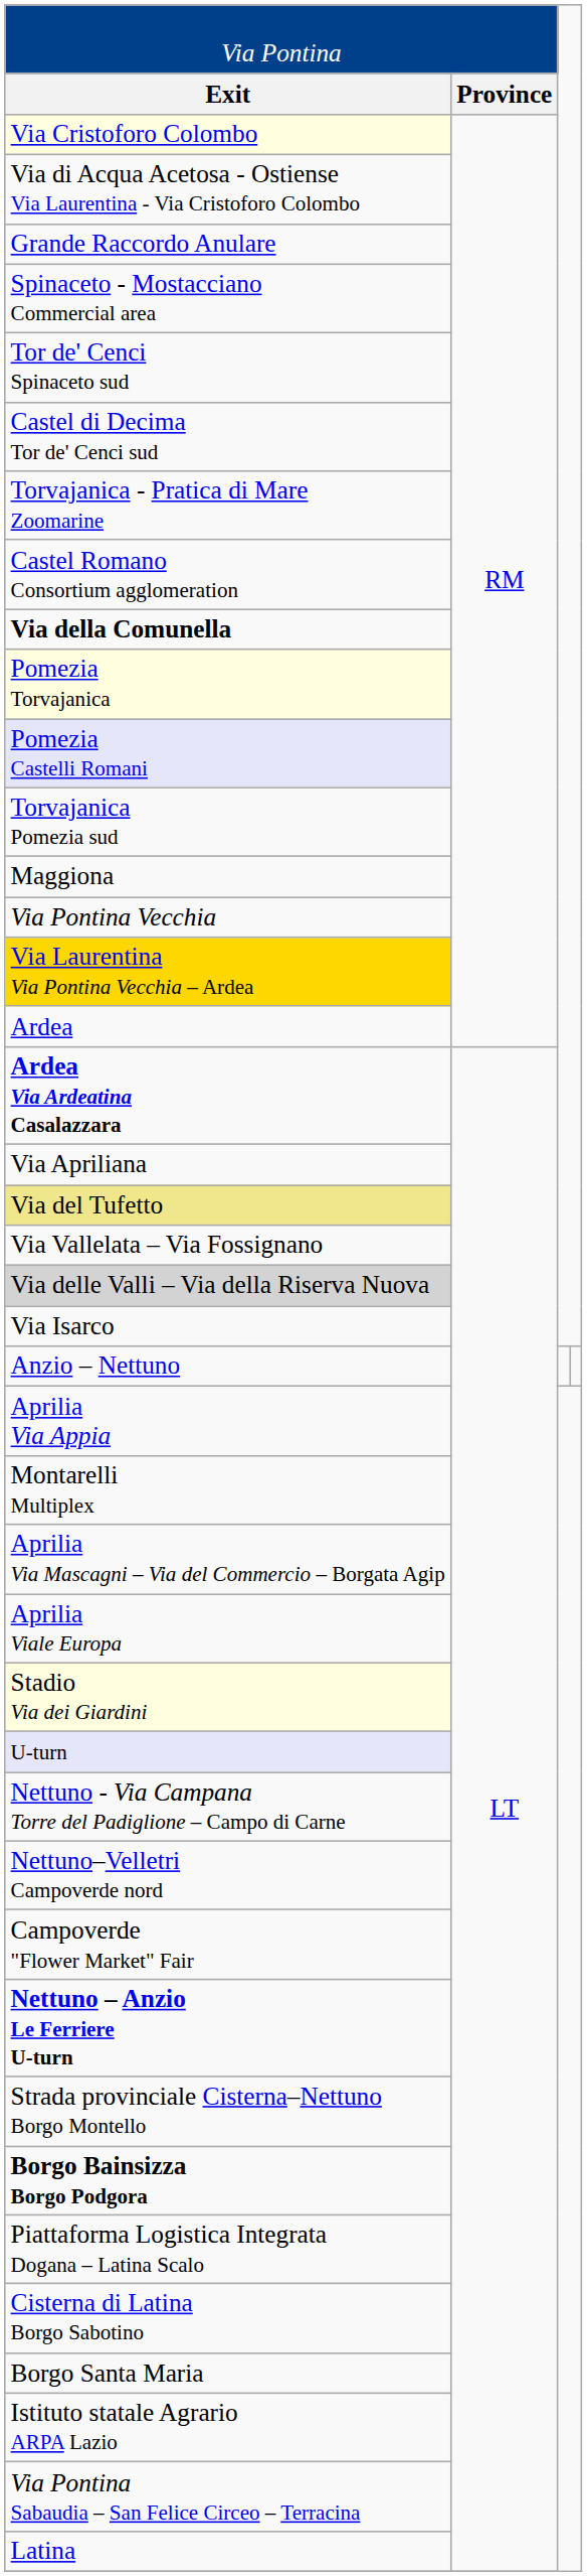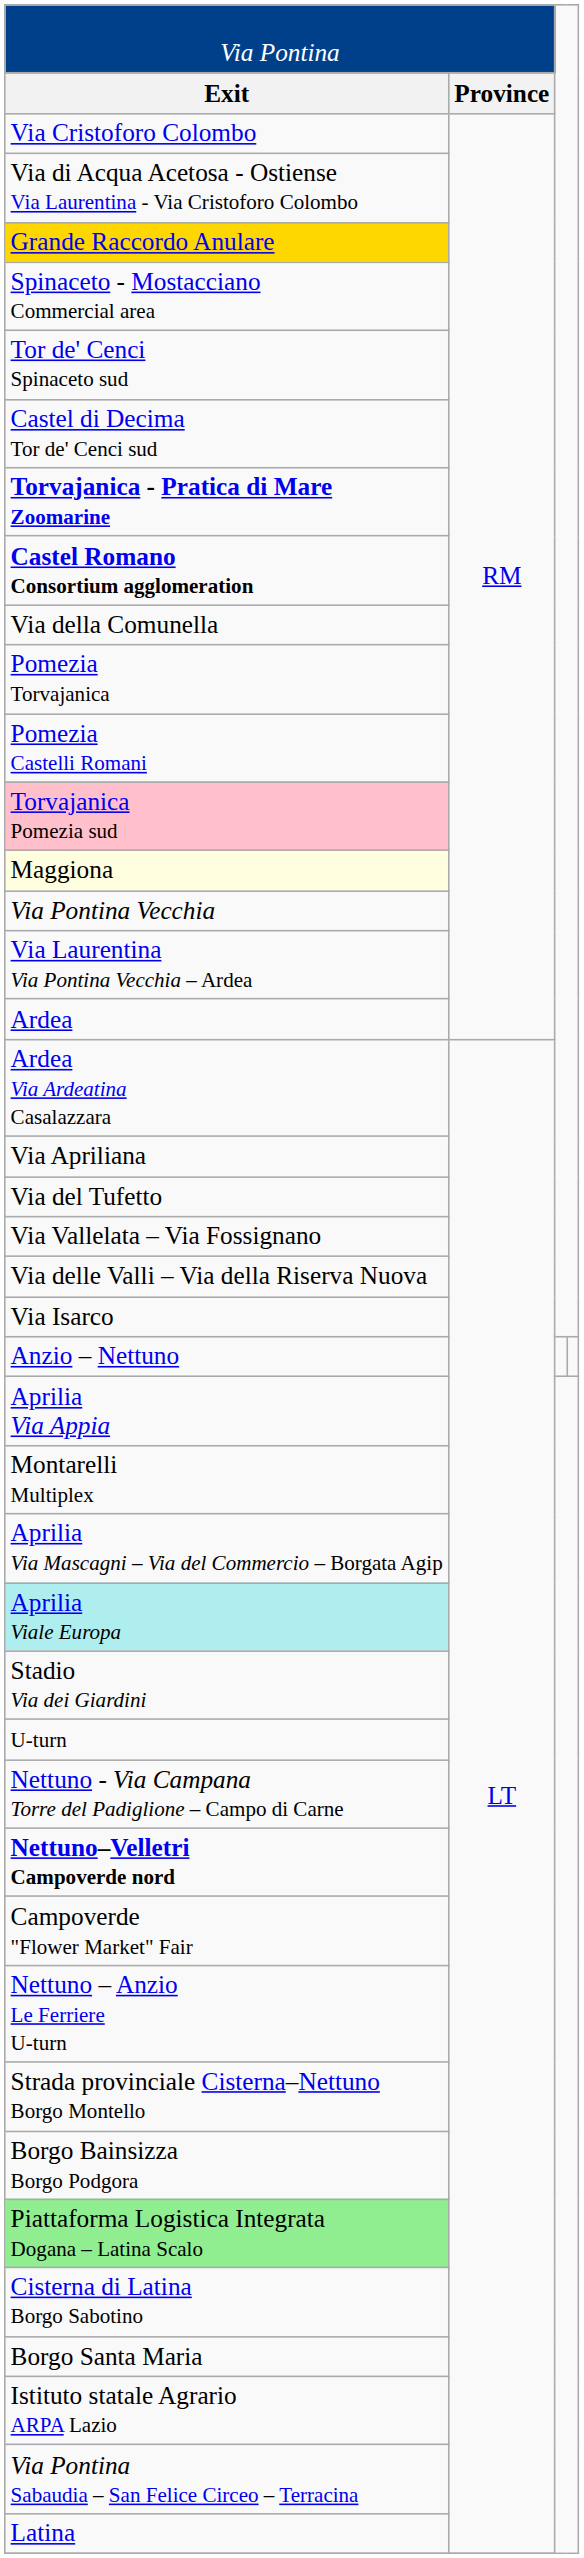 <table class="wikitable">
 <tr align="center" bgcolor="00408B" style="color: white;font-size:100%;">
 <td colspan="2"><br><em>Via Pontina</em><br></td>
 </tr>
 <tr>
 <th>Exit</th>
 <th>Province</th>
 </tr>
 <tr>
-<td style="background: lightyellow;"> <a href='#'>Via Cristoforo Colombo</a></td>
+<td> <a href='#'>Via Cristoforo Colombo</a></td>
 <td rowspan=16 align="center"><a href='#'>RM</a></td>
 </tr>
 <tr>
 <td> Via di Acqua Acetosa - Ostiense<br><small><a href='#'>Via Laurentina</a> - Via Cristoforo Colombo</small></td>
 </tr>
 <tr>
-<td>  <a href='#'>Grande Raccordo Anulare</a></td>
+<td style="background: gold;">  <a href='#'>Grande Raccordo Anulare</a></td>
 </tr>
 <tr>
 <td> <a href='#'>Spinaceto</a> - <a href='#'>Mostacciano</a><br>  <small>Commercial area</small></td>
 </tr>
 <tr>
 <td> <a href='#'>Tor de' Cenci</a><br><small>Spinaceto sud</small></td>
 </tr>
 <tr>
 <td> <a href='#'>Castel di Decima</a><br><small>Tor de' Cenci sud</small></td>
 </tr>
 <tr>
-<td> <a href='#'>Torvajanica</a> - <a href='#'>Pratica di Mare</a><br> <small><a href='#'>Zoomarine</a></small></td>
+<td><strong> <a href='#'>Torvajanica</a> - <a href='#'>Pratica di Mare</a><br> <small><a href='#'>Zoomarine</a></small></strong></td>
 </tr>
 <tr>
-<td> <a href='#'>Castel Romano</a><br> <small>Consortium agglomeration</small></td>
+<td><strong> <a href='#'>Castel Romano</a><br> <small>Consortium agglomeration</small></strong></td>
 </tr>
 <tr>
-<td><strong> Via della Comunella</strong></td>
+<td> Via della Comunella</td>
 </tr>
 <tr>
-<td style="background: lightyellow;"> <a href='#'>Pomezia</a><br><small>Torvajanica</small></td>
+<td> <a href='#'>Pomezia</a><br><small>Torvajanica</small></td>
 </tr>
 <tr>
-<td style="background: lavender;">  <a href='#'>Pomezia</a><br><small><a href='#'>Castelli Romani</a></small></td>
+<td>  <a href='#'>Pomezia</a><br><small><a href='#'>Castelli Romani</a></small></td>
 </tr>
 <tr>
-<td> <a href='#'>Torvajanica</a><br><small>Pomezia sud</small></td>
+<td style="background: pink;"> <a href='#'>Torvajanica</a><br><small>Pomezia sud</small></td>
 </tr>
 <tr>
-<td> Maggiona</td>
+<td style="background: lightyellow;"> Maggiona</td>
 </tr>
 <tr>
 <td> <em>Via Pontina Vecchia</em><br></td>
 </tr>
 <tr>
-<td style="background: gold;">  <a href='#'>Via Laurentina</a><br><small><em>Via Pontina Vecchia</em> – Ardea</small></td>
+<td>  <a href='#'>Via Laurentina</a><br><small><em>Via Pontina Vecchia</em> – Ardea</small></td>
 </tr>
 <tr>
 <td> <a href='#'>Ardea</a></td>
 </tr>
 <tr>
-<td><strong> <a href='#'>Ardea</a><br> <small><em><a href='#'>Via Ardeatina</a></em><br>Casalazzara</small></strong></td>
+<td> <a href='#'>Ardea</a><br> <small><em><a href='#'>Via Ardeatina</a></em><br>Casalazzara</small></td>
 <td align="center" rowspan=25><a href='#'>LT</a></td>
 </tr>
 <tr>
 <td> Via Apriliana</td>
 </tr>
 <tr>
-<td style="background: khaki;"> Via del Tufetto</td>
+<td> Via del Tufetto</td>
 </tr>
 <tr>
 <td> Via Vallelata – Via Fossignano</td>
 </tr>
 <tr>
-<td style="background: lightgrey;"> Via delle Valli – Via della Riserva Nuova</td>
+<td> Via delle Valli – Via della Riserva Nuova</td>
 </tr>
 <tr>
 <td> Via Isarco</td>
 </tr>
 <tr>
 <td> <a href='#'>Anzio</a> – <a href='#'>Nettuno</a></td>
 <td align="right"></td>
 <td></td>
 </tr>
 <tr>
 <td> <a href='#'>Aprilia</a><br> <em><a href='#'>Via Appia</a></em></td>
 </tr>
 <tr>
 <td> Montarelli<br> <small>Multiplex</small></td>
 </tr>
 <tr>
 <td>  <a href='#'>Aprilia</a><br><small><em>Via Mascagni</em> – <em>Via del Commercio</em> – Borgata Agip</small></td>
 </tr>
 <tr>
-<td> <a href='#'>Aprilia</a><br> <small><em>Viale Europa</em></small></td>
+<td style="background: paleturquoise;"> <a href='#'>Aprilia</a><br> <small><em>Viale Europa</em></small></td>
 </tr>
 <tr>
-<td style="background: lightyellow;">  Stadio<br><small><em>Via dei Giardini</em></small></td>
+<td>  Stadio<br><small><em>Via dei Giardini</em></small></td>
 </tr>
 <tr>
-<td style="background: lavender;"> <small>U-turn</small></td>
+<td> <small>U-turn</small></td>
 </tr>
 <tr>
 <td> <a href='#'>Nettuno</a> - <em>Via Campana</em> <br><small><em>Torre del Padiglione</em> – Campo di Carne</small></td>
 </tr>
 <tr>
-<td>  <a href='#'>Nettuno</a>–<a href='#'>Velletri</a><br><small>Campoverde nord</small></td>
+<td><strong>  <a href='#'>Nettuno</a>–<a href='#'>Velletri</a><br><small>Campoverde nord</small></strong></td>
 </tr>
 <tr>
 <td> Campoverde <br> <small>"Flower Market" Fair</small></td>
 </tr>
 <tr>
-<td><strong> <a href='#'>Nettuno</a> – <a href='#'>Anzio</a><br><small><a href='#'>Le Ferriere</a><br> U-turn</small></strong></td>
+<td> <a href='#'>Nettuno</a> – <a href='#'>Anzio</a><br><small><a href='#'>Le Ferriere</a><br> U-turn</small></td>
 </tr>
 <tr>
 <td> Strada provinciale <a href='#'>Cisterna</a>–<a href='#'>Nettuno</a> <br><small>Borgo Montello</small></td>
 </tr>
 <tr>
-<td><strong> Borgo Bainsizza<br><small>Borgo Podgora</small></strong></td>
+<td> Borgo Bainsizza<br><small>Borgo Podgora</small></td>
 </tr>
 <tr>
-<td> Piattaforma Logistica Integrata<br><small>Dogana – Latina Scalo</small></td>
+<td style="background: lightgreen;"> Piattaforma Logistica Integrata<br><small>Dogana – Latina Scalo</small></td>
 </tr>
 <tr>
 <td> <a href='#'>Cisterna di Latina</a><br><small>Borgo Sabotino</small></td>
 </tr>
 <tr>
 <td> Borgo Santa Maria</td>
 </tr>
 <tr>
 <td>  Istituto statale Agrario<br><small><a href='#'>ARPA</a> Lazio</small></td>
 </tr>
 <tr>
 <td>  <em>Via Pontina</em><br><small><a href='#'>Sabaudia</a> – <a href='#'>San Felice Circeo</a> – <a href='#'>Terracina</a></small></td>
 </tr>
 <tr>
 <td>  <a href='#'>Latina</a></td>
 </tr>
 <tr>
 </tr>
 </table>
